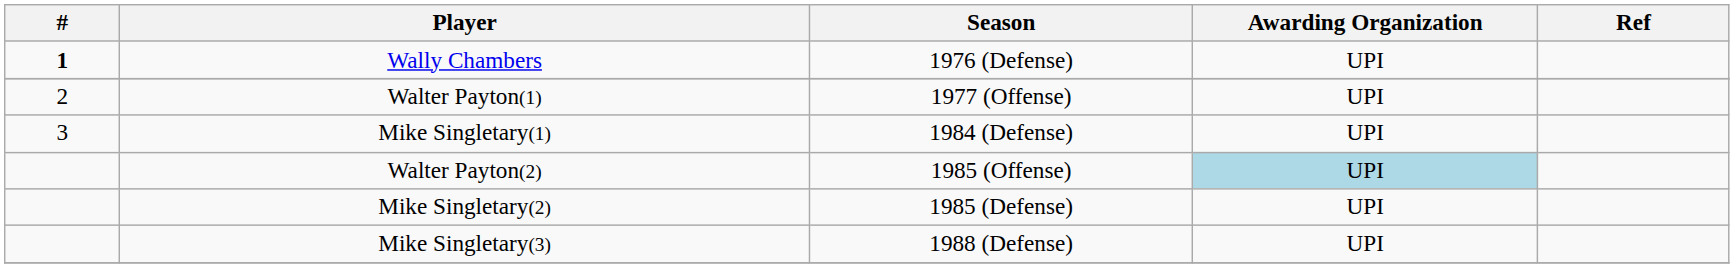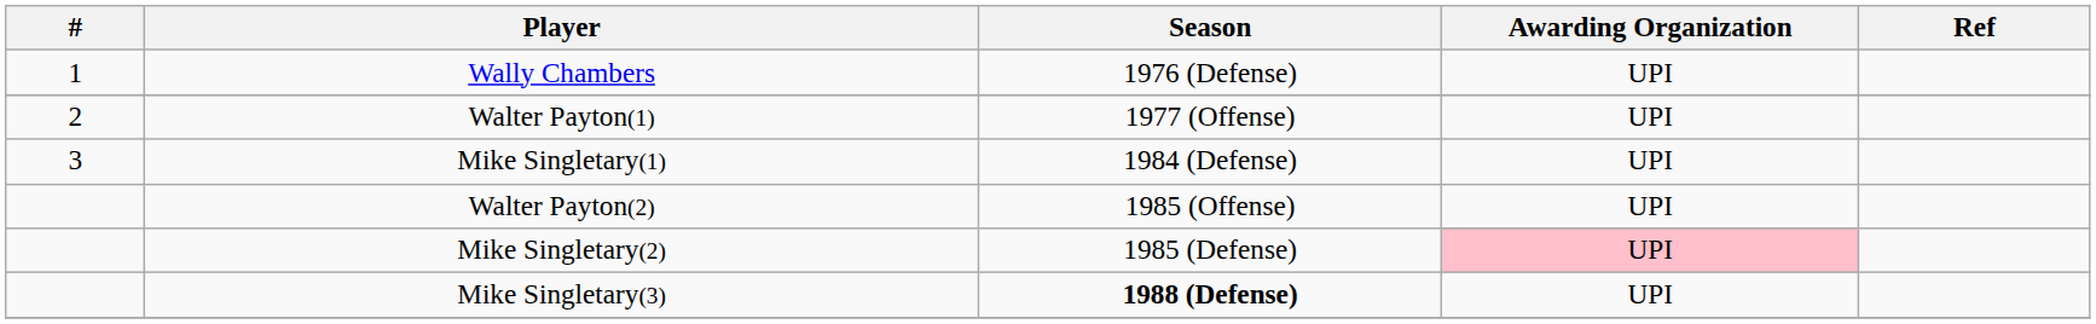 <table class="wikitable" style="text-align:center" width="60%">
 <tr>
 <th scope="col" width=3%>#</th>
 <th scope="col" width=18%>Player</th>
 <th scope="col" width=10%>Season</th>
 <th scope="col" width=9% class="unsortable">Awarding Organization</th>
 <th scope="col" width=5% class="unsortable">Ref</th>
 </tr>
 <tr>
-<td><strong>1</strong></td>
+<td>1</td>
 <td><a href='#'>Wally Chambers</a></td>
 <td align="center">1976 (Defense)</td>
 <td align="center">UPI</td>
 <td></td>
 </tr>
 <tr>
 </tr>
 <tr>
 <td>2</td>
 <td>Walter Payton<small>(1)</small></td>
 <td align="center">1977 (Offense)</td>
 <td align="center">UPI</td>
 <td></td>
 </tr>
 <tr>
 <td>3</td>
 <td>Mike Singletary<small>(1)</small></td>
 <td align="center">1984 (Defense)</td>
 <td align="center">UPI</td>
 <td></td>
 </tr>
 <tr>
 <td></td>
 <td>Walter Payton<small>(2)</small></td>
 <td align="center">1985 (Offense)</td>
-<td align="center" style="background: lightblue;">UPI</td>
+<td align="center">UPI</td>
 <td></td>
 </tr>
 <tr>
 <td></td>
 <td>Mike Singletary<small>(2)</small></td>
 <td align="center">1985 (Defense)</td>
-<td align="center">UPI</td>
+<td align="center" style="background: pink;">UPI</td>
 <td></td>
 </tr>
 <tr>
 <td></td>
 <td>Mike Singletary<small>(3)</small></td>
-<td align="center">1988 (Defense)</td>
+<td align="center"><strong>1988 (Defense)</strong></td>
 <td align="center">UPI</td>
 <td></td>
 </tr>
 <tr>
 </tr>
 </table>
